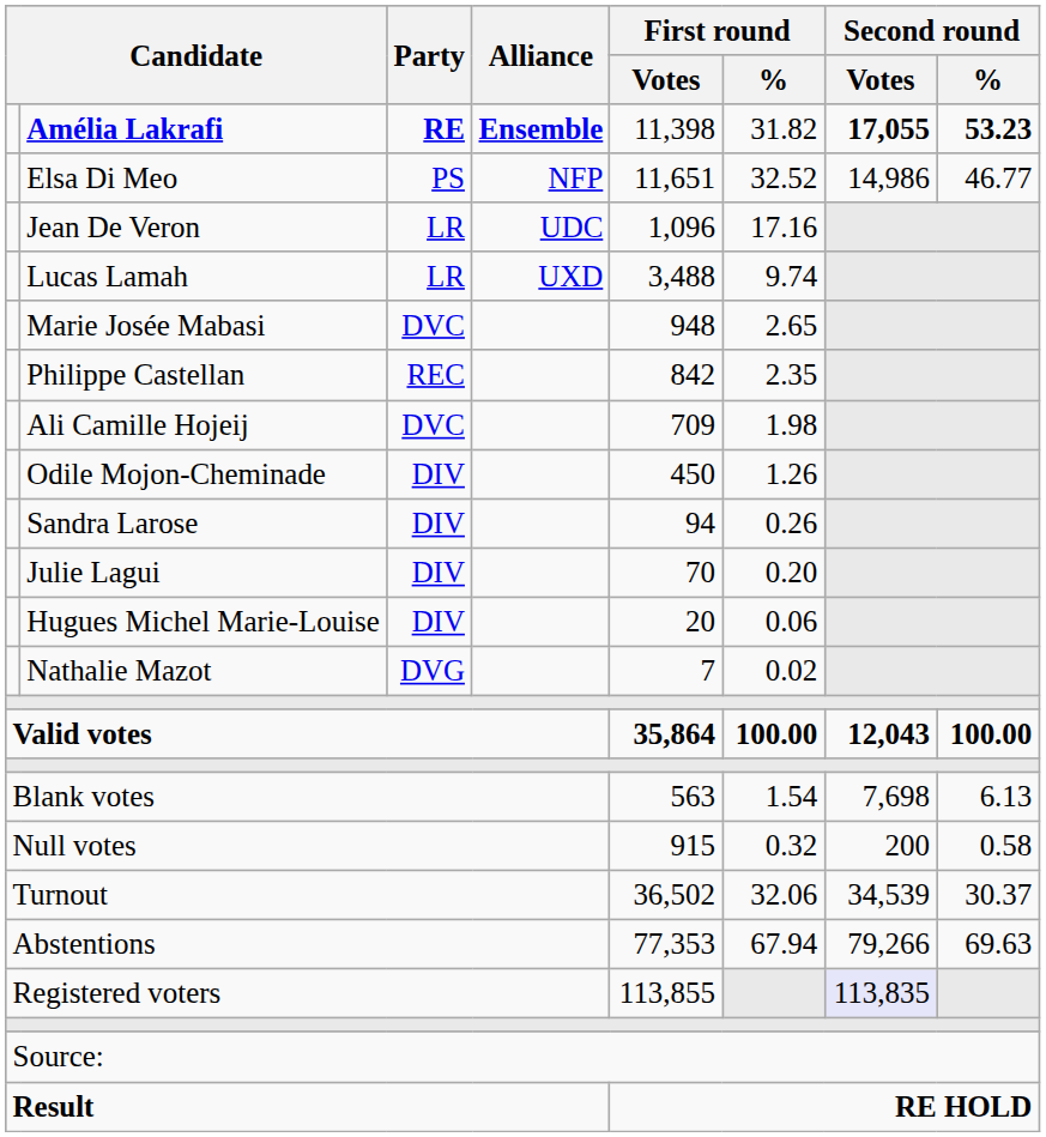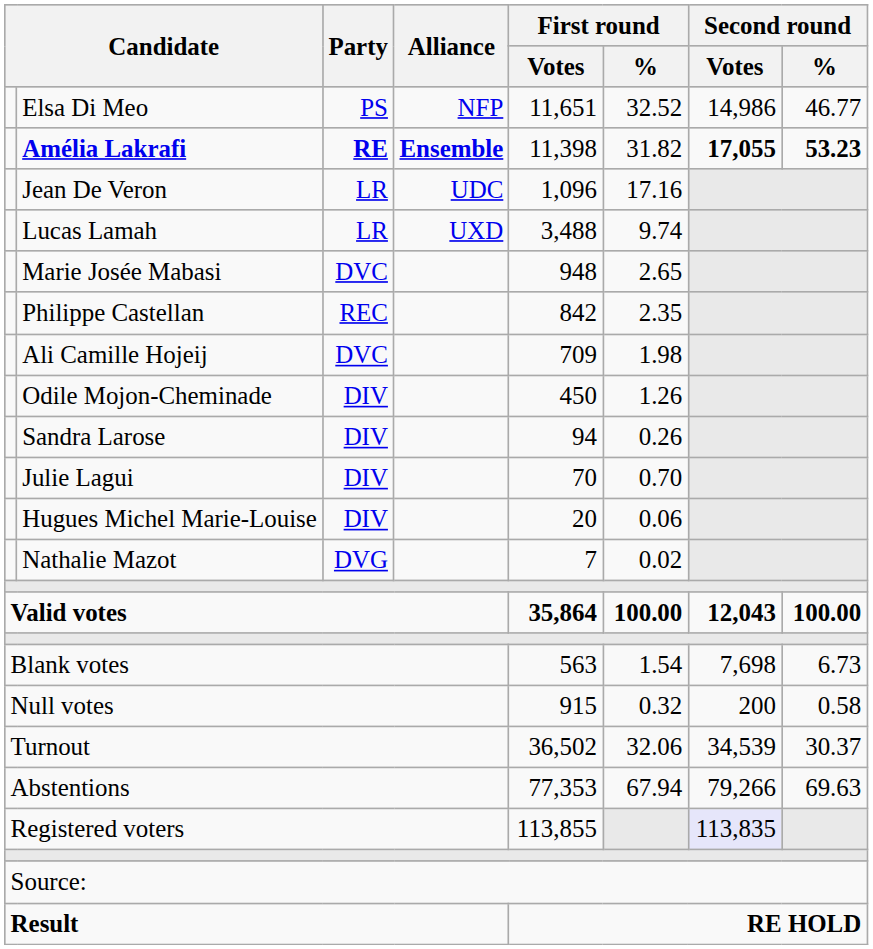 <table class="wikitable" style="text-align:right;font-size:95%;">
 <tr>
 <th colspan="2" rowspan="2">Candidate</th>
 <th colspan="1" rowspan="2">Party</th>
 <th colspan="1" rowspan="2">Alliance</th>
 <th colspan="2">First round</th>
 <th colspan="2">Second round</th>
 </tr>
 <tr>
 <th style="width:50px;">Votes</th>
 <th style="width:45px;">%</th>
 <th style="width:50px;">Votes</th>
 <th style="width:45px;">%</th>
 </tr>
 <tr>
 <td style="color:inherit;background:"></td>
+<td style="text-align:left;">Elsa Di Meo</td>
+<td><a href='#'>PS</a></td>
+<td><a href='#'>NFP</a></td>
+<td>11,651</td>
+<td>32.52</td>
+<td>14,986</td>
+<td>46.77</td>
+</tr>
+<tr>
+<td style="color:inherit;background:"></td>
 <td style="text-align:left;"><a href='#'><strong>Amélia Lakrafi</strong></a></td>
 <td><a href='#'><strong>RE</strong></a></td>
 <td><a href='#'><strong>Ensemble</strong></a></td>
 <td>11,398</td>
 <td>31.82</td>
 <td><strong>17,055</strong></td>
 <td><strong>53.23</strong></td>
-</tr>
-<tr>
-<td style="color:inherit;background:"></td>
-<td style="text-align:left;">Elsa Di Meo</td>
-<td><a href='#'>PS</a></td>
-<td><a href='#'>NFP</a></td>
-<td>11,651</td>
-<td>32.52</td>
-<td>14,986</td>
-<td>46.77</td>
 </tr>
 <tr>
 <td style="color:inherit;background:"></td>
 <td style="text-align:left;">Jean De Veron</td>
 <td><a href='#'>LR</a></td>
 <td><a href='#'>UDC</a></td>
 <td>1,096</td>
 <td>17.16</td>
 <td colspan="2" rowspan="1" style="background:#E9E9E9;"></td>
 </tr>
 <tr>
 <td style="color:inherit;background:"></td>
 <td style="text-align:left;">Lucas Lamah</td>
 <td><a href='#'>LR</a></td>
 <td><a href='#'>UXD</a></td>
 <td>3,488</td>
 <td>9.74</td>
 <td colspan="2" rowspan="1" style="background:#E9E9E9;"></td>
 </tr>
 <tr>
 <td style="color:inherit;background:"></td>
 <td style="text-align:left;">Marie Josée Mabasi</td>
 <td><a href='#'>DVC</a></td>
 <td></td>
 <td>948</td>
 <td>2.65</td>
 <td colspan="2" rowspan="1" style="background:#E9E9E9;"></td>
 </tr>
 <tr>
 <td style="color:inherit;background:"></td>
 <td style="text-align:left;">Philippe Castellan</td>
 <td><a href='#'>REC</a></td>
 <td></td>
 <td>842</td>
 <td>2.35</td>
 <td colspan="2" rowspan="1" style="background:#E9E9E9;"></td>
 </tr>
 <tr>
 <td style="color:inherit;background:"></td>
 <td style="text-align:left;">Ali Camille Hojeij</td>
 <td><a href='#'>DVC</a></td>
 <td></td>
 <td>709</td>
 <td>1.98</td>
 <td colspan="2" rowspan="1" style="background:#E9E9E9;"></td>
 </tr>
 <tr>
 <td style="color:inherit;background:"></td>
 <td style="text-align:left;">Odile Mojon-Cheminade</td>
 <td><a href='#'>DIV</a></td>
 <td></td>
 <td>450</td>
 <td>1.26</td>
 <td colspan="2" rowspan="1" style="background:#E9E9E9;"></td>
 </tr>
 <tr>
 <td style="color:inherit;background:"></td>
 <td style="text-align:left;">Sandra Larose</td>
 <td><a href='#'>DIV</a></td>
 <td></td>
 <td>94</td>
 <td>0.26</td>
 <td colspan="2" style="background:#E9E9E9;"></td>
 </tr>
 <tr>
 <td style="color:inherit;background:"></td>
 <td style="text-align:left;">Julie Lagui</td>
 <td><a href='#'>DIV</a></td>
 <td></td>
 <td>70</td>
-<td>0.20</td>
+<td>0.70</td>
 <td colspan="2" style="background:#E9E9E9;"></td>
 </tr>
 <tr>
 <td style="color:inherit;background:"></td>
 <td style="text-align:left;">Hugues Michel Marie-Louise</td>
 <td><a href='#'>DIV</a></td>
 <td></td>
 <td>20</td>
 <td>0.06</td>
 <td colspan="2" style="background:#E9E9E9;"></td>
 </tr>
 <tr>
 <td style="color:inherit;background:"></td>
 <td style="text-align:left;">Nathalie Mazot</td>
 <td><a href='#'>DVG</a></td>
 <td></td>
 <td>7</td>
 <td>0.02</td>
 <td colspan="2" style="background:#E9E9E9;"></td>
 </tr>
 <tr>
 <td colspan="8" style="background:#E9E9E9;"></td>
 </tr>
 <tr style="font-weight:bold;">
 <td colspan="4" style="text-align:left;">Valid votes</td>
 <td>35,864</td>
 <td>100.00</td>
 <td>12,043</td>
 <td>100.00</td>
 </tr>
 <tr>
 <td colspan="8" style="background:#E9E9E9;"></td>
 </tr>
 <tr>
 <td colspan="4" style="text-align:left;">Blank votes</td>
 <td>563</td>
 <td>1.54</td>
 <td>7,698</td>
-<td>6.13</td>
+<td>6.73</td>
 </tr>
 <tr>
 <td colspan="4" style="text-align:left;">Null votes</td>
 <td>915</td>
 <td>0.32</td>
 <td>200</td>
 <td>0.58</td>
 </tr>
 <tr>
 <td colspan="4" style="text-align:left;">Turnout</td>
 <td>36,502</td>
 <td>32.06</td>
 <td>34,539</td>
 <td>30.37</td>
 </tr>
 <tr>
 <td colspan="4" style="text-align:left;">Abstentions</td>
 <td>77,353</td>
 <td>67.94</td>
 <td>79,266</td>
 <td>69.63</td>
 </tr>
 <tr>
 <td colspan="4" style="text-align:left;">Registered voters</td>
 <td>113,855</td>
 <td style="background:#E9E9E9;"></td>
 <td style="background: lavender;">113,835</td>
 <td style="background:#E9E9E9;"></td>
 </tr>
 <tr>
 <td colspan="8" style="background:#E9E9E9;"></td>
 </tr>
 <tr>
 <td colspan="8" style="text-align:left;">Source: </td>
 </tr>
 <tr style="font-weight:bold">
 <td colspan="4" style="text-align:left;">Result</td>
 <td colspan="4" style="background-color:">RE HOLD</td>
 </tr>
 </table>
